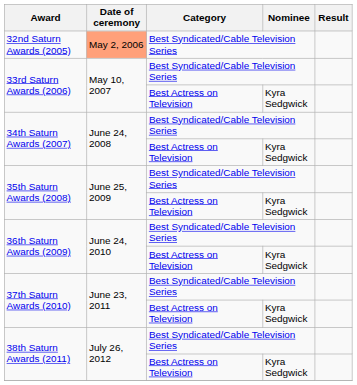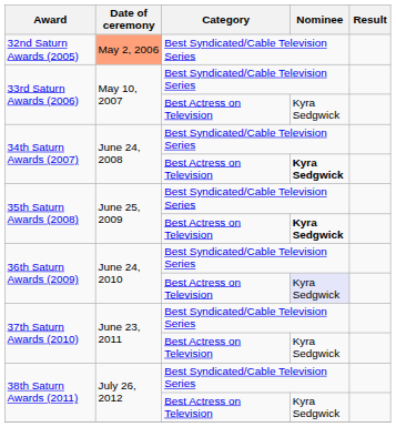 <table class="wikitable" style="width:90%;">
 <tr>
 <th style="width:22%;">Award</th>
 <th style="width:16%;">Date of ceremony</th>
 <th style="width:31%;">Category</th>
 <th style="width:14%;">Nominee</th>
 <th style="width:7%;">Result</th>
 </tr>
 <tr>
 <td><a href='#'>32nd Saturn Awards (2005)</a></td>
 <td style="background: lightsalmon;">May 2, 2006</td>
 <td colspan="2"><a href='#'>Best Syndicated/Cable Television Series</a></td>
 <td></td>
 </tr>
 <tr>
 <td rowspan="2"><a href='#'>33rd Saturn Awards (2006)</a></td>
 <td rowspan="2">May 10, 2007</td>
 <td colspan="2"><a href='#'>Best Syndicated/Cable Television Series</a></td>
 <td></td>
 </tr>
 <tr>
 <td><a href='#'>Best Actress on Television</a></td>
 <td>Kyra Sedgwick</td>
 <td></td>
 </tr>
 <tr>
 <td rowspan="2"><a href='#'>34th Saturn Awards (2007)</a></td>
 <td rowspan="2">June 24, 2008</td>
 <td colspan="2"><a href='#'>Best Syndicated/Cable Television Series</a></td>
 <td></td>
 </tr>
 <tr>
 <td><a href='#'>Best Actress on Television</a></td>
-<td>Kyra Sedgwick</td>
+<td><strong>Kyra Sedgwick</strong></td>
 <td></td>
 </tr>
 <tr>
 <td rowspan="2"><a href='#'>35th Saturn Awards (2008)</a></td>
 <td rowspan="2">June 25, 2009</td>
 <td colspan="2"><a href='#'>Best Syndicated/Cable Television Series</a></td>
 <td></td>
 </tr>
 <tr>
 <td><a href='#'>Best Actress on Television</a></td>
-<td>Kyra Sedgwick</td>
+<td><strong>Kyra Sedgwick</strong></td>
 <td></td>
 </tr>
 <tr>
 <td rowspan="2"><a href='#'>36th Saturn Awards (2009)</a></td>
 <td rowspan="2">June 24, 2010</td>
 <td colspan="2"><a href='#'>Best Syndicated/Cable Television Series</a></td>
 <td></td>
 </tr>
 <tr>
 <td><a href='#'>Best Actress on Television</a></td>
-<td>Kyra Sedgwick</td>
+<td style="background: lavender;">Kyra Sedgwick</td>
 <td></td>
 </tr>
 <tr>
 <td rowspan="2"><a href='#'>37th Saturn Awards (2010)</a></td>
 <td rowspan="2">June 23, 2011</td>
 <td colspan="2"><a href='#'>Best Syndicated/Cable Television Series</a></td>
 <td></td>
 </tr>
 <tr>
 <td><a href='#'>Best Actress on Television</a></td>
 <td>Kyra Sedgwick</td>
 <td></td>
 </tr>
 <tr>
 <td rowspan="2"><a href='#'>38th Saturn Awards (2011)</a></td>
 <td rowspan="2">July 26, 2012</td>
 <td colspan="2"><a href='#'>Best Syndicated/Cable Television Series</a></td>
 <td></td>
 </tr>
 <tr>
 <td><a href='#'>Best Actress on Television</a></td>
 <td>Kyra Sedgwick</td>
 <td></td>
 </tr>
 <tr>
 </tr>
 </table>
